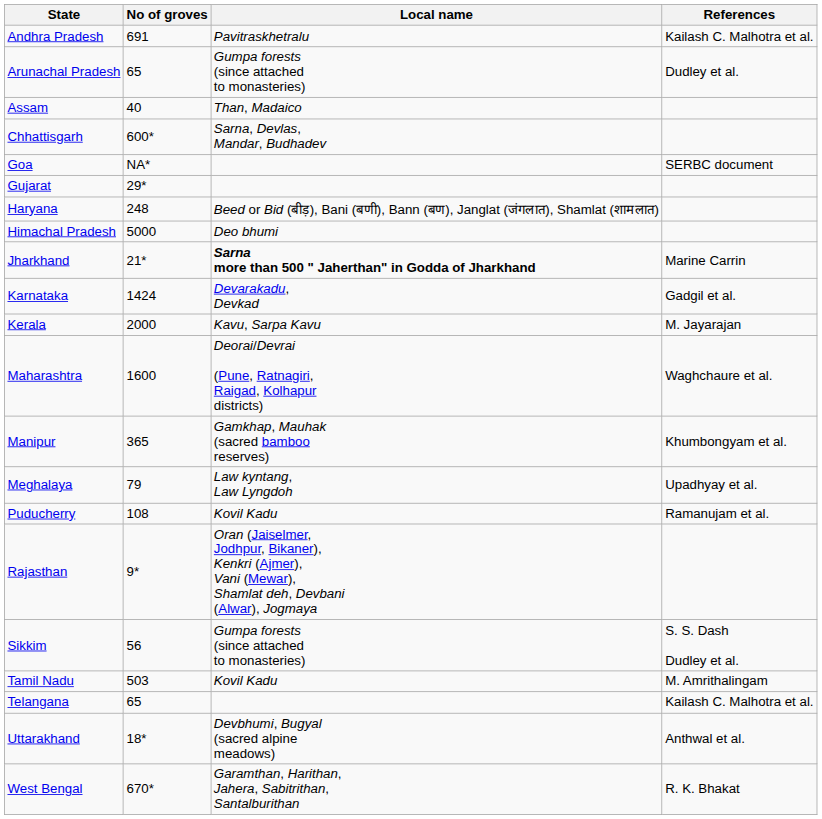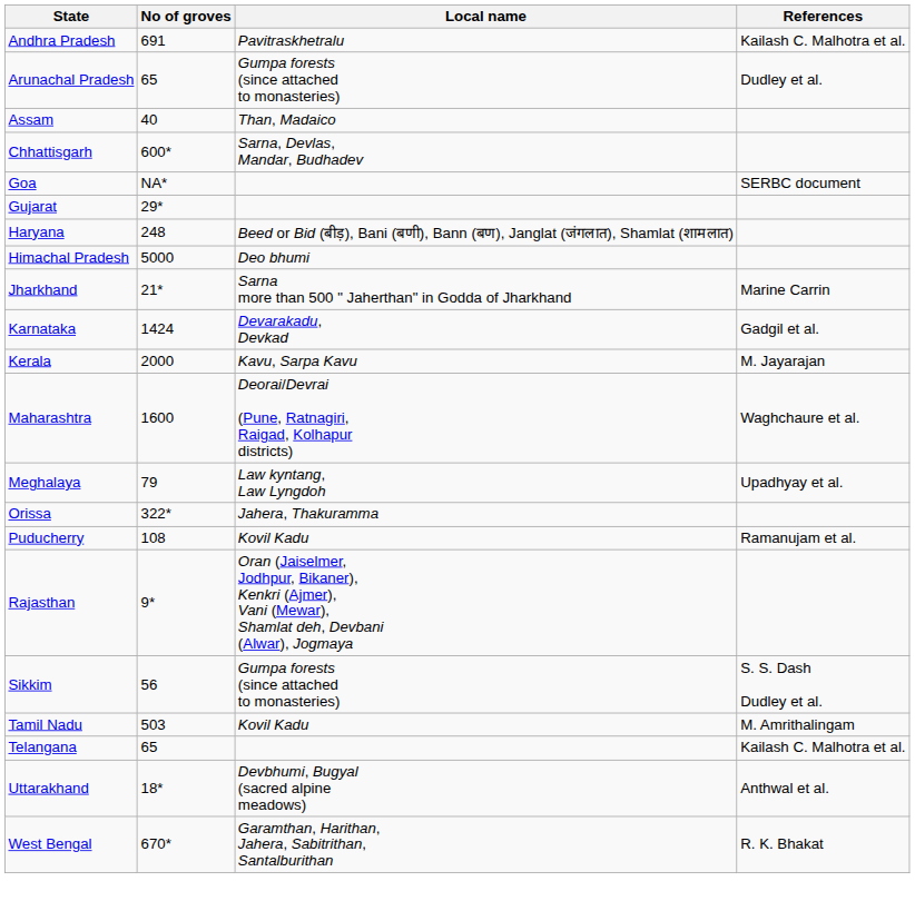 <table class="wikitable">
 <tr>
 <th>State</th>
 <th>No of groves</th>
 <th>Local name</th>
 <th>References</th>
 </tr>
 <tr>
 <td><a href='#'>Andhra Pradesh</a></td>
 <td>691</td>
 <td><em>Pavitraskhetralu</em></td>
 <td>Kailash C. Malhotra et al.</td>
 </tr>
 <tr>
 <td><a href='#'>Arunachal Pradesh</a></td>
 <td>65</td>
 <td><em>Gumpa forests</em><br>(since attached<br>to monasteries)</td>
 <td>Dudley et al.</td>
 </tr>
 <tr>
 <td><a href='#'>Assam</a></td>
 <td>40</td>
 <td><em>Than</em>, <em>Madaico</em></td>
 <td></td>
 </tr>
 <tr>
 <td><a href='#'>Chhattisgarh</a></td>
 <td>600*</td>
 <td><em>Sarna</em>, <em>Devlas</em>,<br><em>Mandar</em>, <em>Budhadev</em></td>
 <td></td>
 </tr>
 <tr>
 <td><a href='#'>Goa</a></td>
 <td>NA*</td>
 <td></td>
 <td>SERBC document </td>
 </tr>
 <tr>
 <td><a href='#'>Gujarat</a></td>
 <td>29*</td>
 <td></td>
 <td></td>
 </tr>
 <tr>
 <td><a href='#'>Haryana</a></td>
 <td>248</td>
 <td><em>Beed</em> or <em>Bid</em> (बीड़), Bani (बणी), Bann (बण), Janglat (जंगलात), Shamlat (शामलात)</td>
 <td></td>
 </tr>
 <tr>
 <td><a href='#'>Himachal Pradesh</a></td>
 <td>5000</td>
 <td><em>Deo bhumi</em></td>
 <td></td>
 </tr>
 <tr>
 <td><a href='#'>Jharkhand</a></td>
 <td>21*</td>
-<td><strong><em>Sarna</em><br>more than 500 " Jaherthan" in Godda of Jharkhand</strong></td>
+<td><em>Sarna</em><br>more than 500 " Jaherthan" in Godda of Jharkhand</td>
 <td>Marine Carrin </td>
 </tr>
 <tr>
 <td><a href='#'>Karnataka</a></td>
 <td>1424</td>
 <td><em><a href='#'>Devarakadu</a></em>,<br> <em>Devkad</em></td>
 <td>Gadgil et al.</td>
 </tr>
 <tr>
 <td><a href='#'>Kerala</a></td>
 <td>2000</td>
 <td><em>Kavu</em>, <em>Sarpa Kavu</em></td>
 <td>M. Jayarajan </td>
 </tr>
 <tr>
 <td><a href='#'>Maharashtra</a></td>
 <td>1600</td>
 <td><em>Deorai</em>/<em>Devrai</em><br><br>(<a href='#'>Pune</a>, <a href='#'>Ratnagiri</a>,<br> <a href='#'>Raigad</a>, <a href='#'>Kolhapur</a><br> districts)</td>
 <td>Waghchaure et al.</td>
 </tr>
 <tr>
-<td><a href='#'>Manipur</a></td>
-<td>365</td>
-<td><em>Gamkhap</em>, <em>Mauhak</em><br>(sacred <a href='#'>bamboo</a><br>reserves)</td>
-<td>Khumbongyam et al.</td>
-</tr>
-<tr>
 <td><a href='#'>Meghalaya</a></td>
 <td>79</td>
 <td><em>Law kyntang</em>,<br><em>Law Lyngdoh</em></td>
 <td>Upadhyay et al.</td>
+</tr>
+<tr>
+<td><a href='#'>Orissa</a></td>
+<td>322*</td>
+<td><em>Jahera</em>, <em>Thakuramma</em></td>
+<td></td>
 </tr>
 <tr>
 <td><a href='#'>Puducherry</a></td>
 <td>108</td>
 <td><em>Kovil Kadu</em></td>
 <td>Ramanujam et al.</td>
 </tr>
 <tr>
 <td><a href='#'>Rajasthan</a></td>
 <td>9*</td>
 <td><em>Oran</em> (<a href='#'>Jaiselmer</a>,<br><a href='#'>Jodhpur</a>, <a href='#'>Bikaner</a>),<br><em>Kenkri</em> (<a href='#'>Ajmer</a>),<br><em>Vani</em> (<a href='#'>Mewar</a>),<br><em>Shamlat deh</em>, <em>Devbani</em> <br>(<a href='#'>Alwar</a>), <em>Jogmaya</em></td>
 <td></td>
 </tr>
 <tr>
 <td><a href='#'>Sikkim</a></td>
 <td>56</td>
 <td><em>Gumpa forests</em><br>(since attached<br>to monasteries)</td>
 <td>S. S. Dash <br><br>Dudley et al.</td>
 </tr>
 <tr>
 <td><a href='#'>Tamil Nadu</a></td>
 <td>503</td>
 <td><em>Kovil Kadu</em></td>
 <td>M. Amrithalingam </td>
 </tr>
 <tr>
 <td><a href='#'>Telangana</a></td>
 <td>65</td>
 <td></td>
 <td>Kailash C. Malhotra et al.</td>
 </tr>
 <tr>
 <td><a href='#'>Uttarakhand</a></td>
 <td>18*</td>
 <td><em>Devbhumi</em>, <em>Bugyal</em><br>(sacred alpine<br>meadows)</td>
 <td>Anthwal et al.</td>
 </tr>
 <tr>
 <td><a href='#'>West Bengal</a></td>
 <td>670*</td>
 <td><em>Garamthan</em>, <em>Harithan</em>,<br><em>Jahera</em>, <em>Sabitrithan</em>,<br><em>Santalburithan</em></td>
 <td>R. K. Bhakat </td>
 </tr>
 </table>
